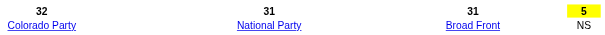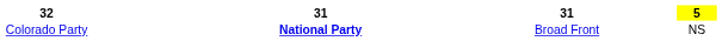 <table style="width:66em; text-align:center; font-size:88%">
 <tr style="font-weight:bold">
 <td style="background:">32</td>
 <td style="background:">31</td>
 <td style="background:">31</td>
 <td style="background:yellow; width:5.06%; color:black">5</td>
 </tr>
 <tr>
 <td><a href='#'>Colorado Party</a></td>
-<td><a href='#'>National Party</a></td>
+<td><strong><a href='#'>National Party</a></strong></td>
 <td><a href='#'>Broad Front</a></td>
 <td>NS</td>
 </tr>
 </table>
